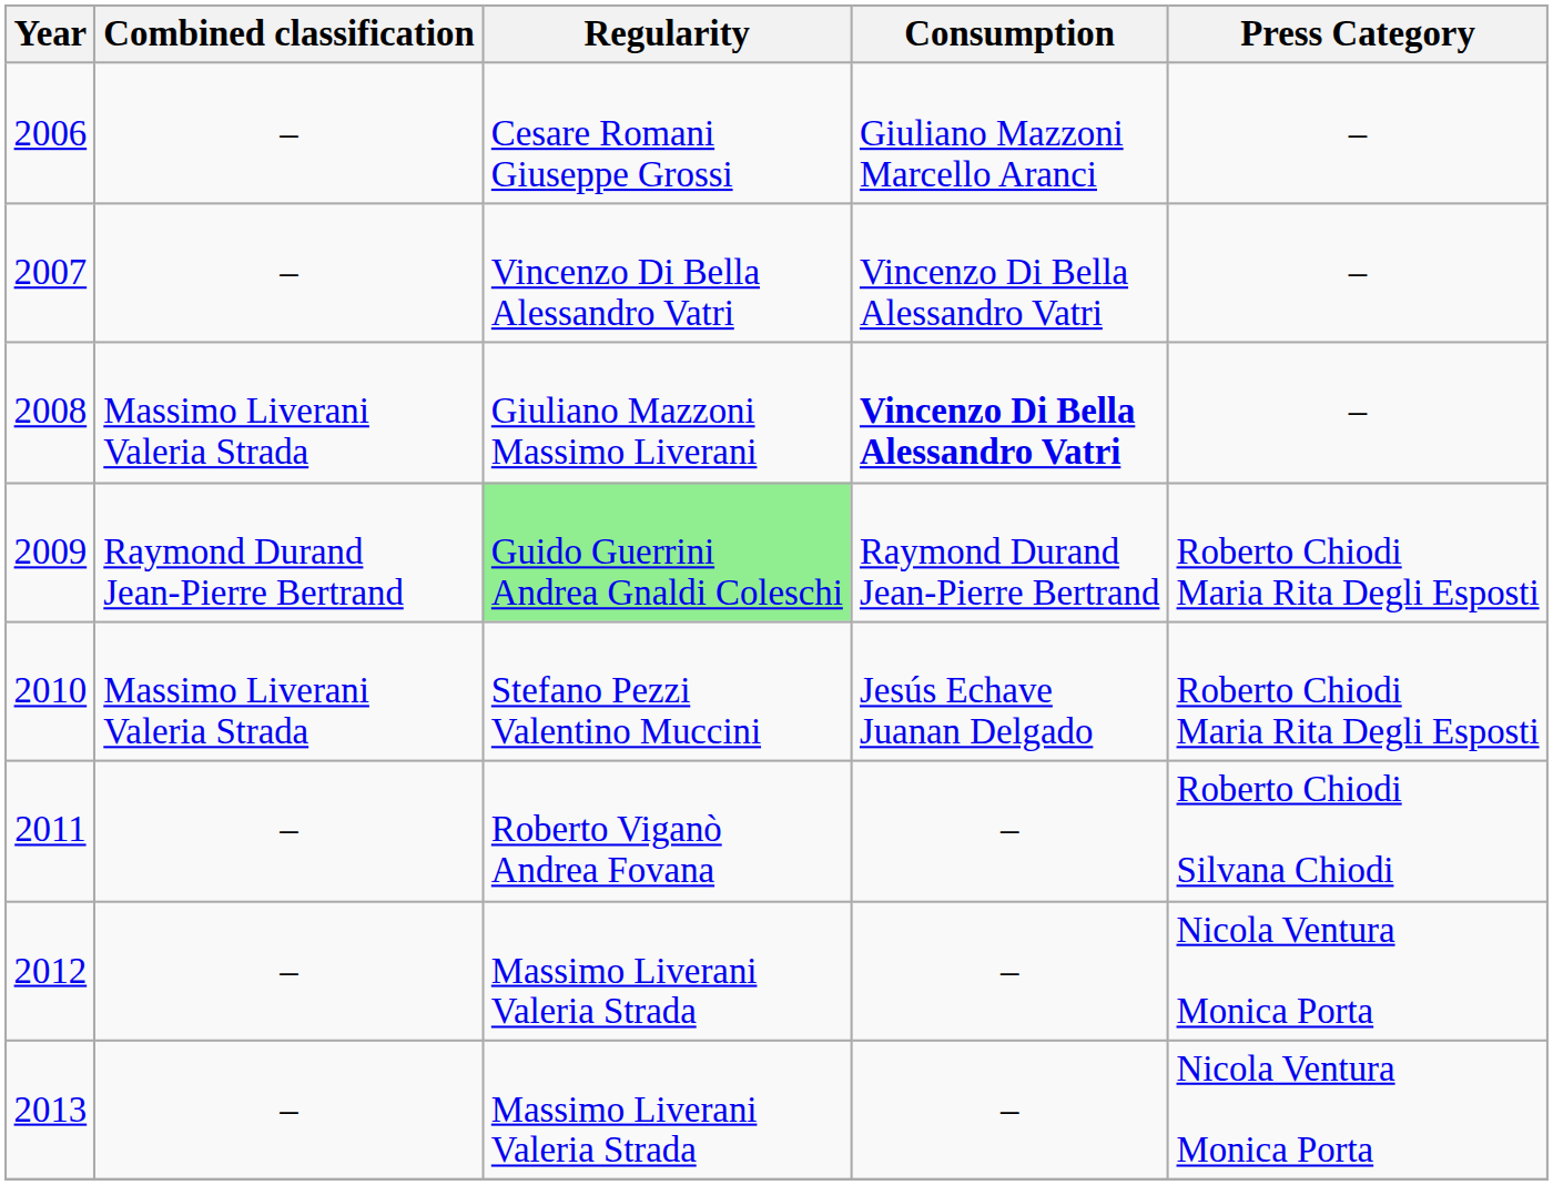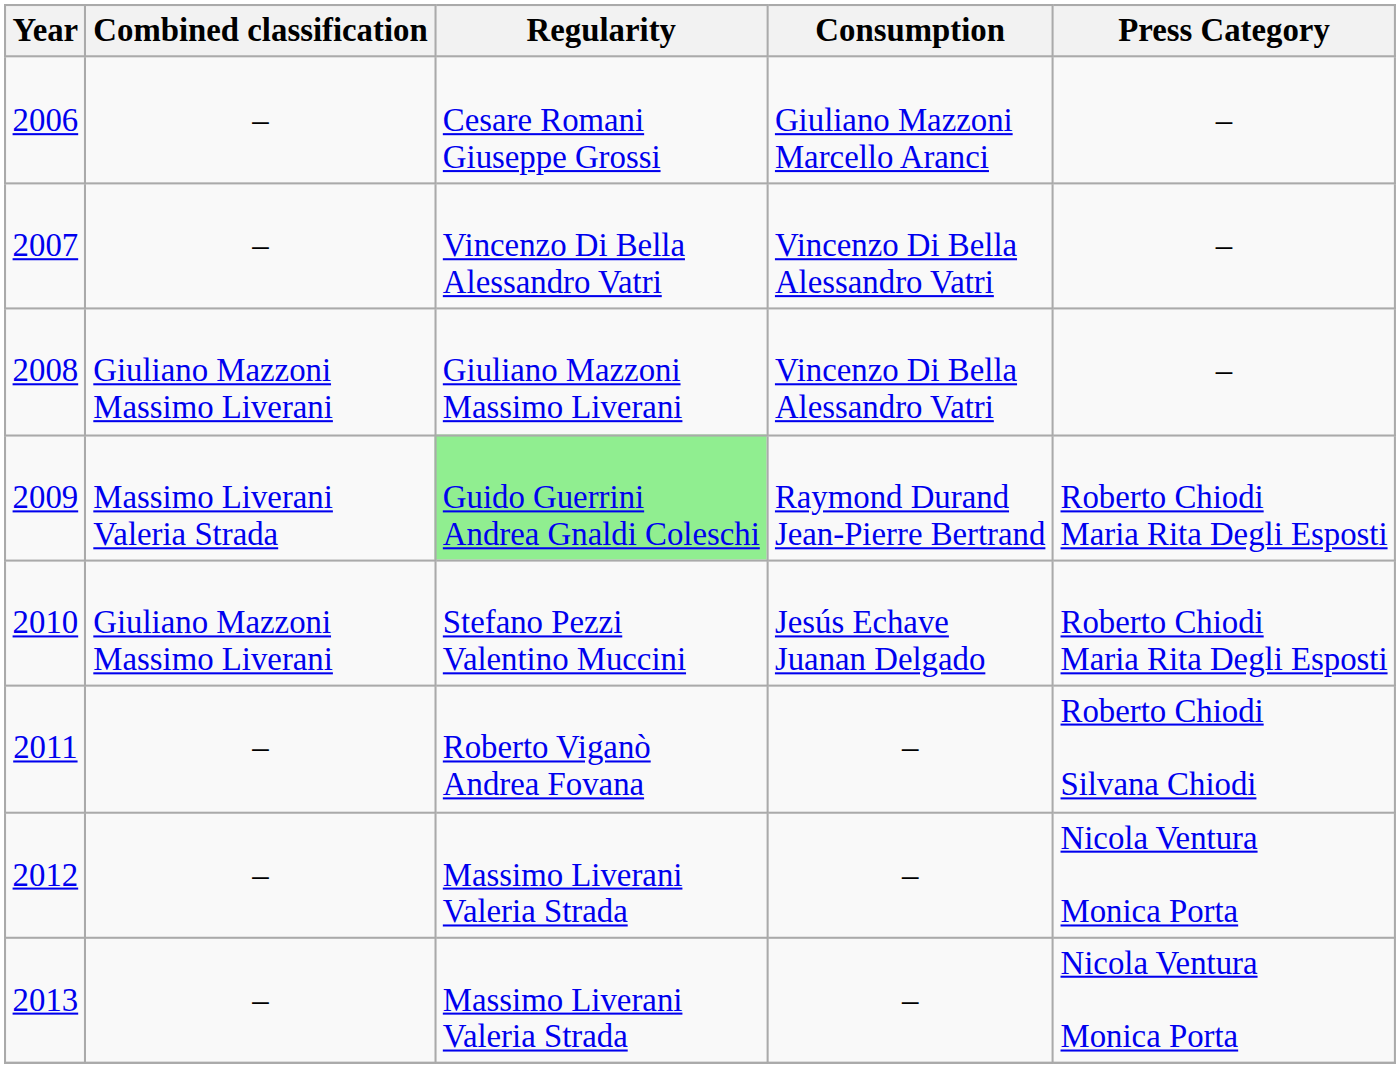 <table class="wikitable" border="1">
 <tr>
 <th>Year</th>
 <th>Combined classification</th>
 <th>Regularity</th>
 <th>Consumption</th>
 <th>Press Category</th>
 </tr>
 <tr>
 <td align="center"><a href='#'>2006</a></td>
 <td align="center">–</td>
 <td><br> <a href='#'>Cesare Romani</a><br>  <a href='#'>Giuseppe Grossi</a></td>
 <td><br> <a href='#'>Giuliano Mazzoni</a><br>  <a href='#'>Marcello Aranci</a></td>
 <td align="center">–</td>
 </tr>
 <tr>
 <td align="center"><a href='#'>2007</a></td>
 <td align="center">–</td>
 <td><br> <a href='#'>Vincenzo Di Bella</a><br>  <a href='#'>Alessandro Vatri</a></td>
 <td><br> <a href='#'>Vincenzo Di Bella</a><br>  <a href='#'>Alessandro Vatri</a></td>
 <td align="center">–</td>
 </tr>
 <tr>
 <td align="center"><a href='#'>2008</a></td>
-<td><br> <a href='#'>Massimo Liverani</a><br>  <a href='#'>Valeria Strada</a></td>
 <td><br> <a href='#'>Giuliano Mazzoni</a><br>  <a href='#'>Massimo Liverani</a></td>
-<td><strong><br> <a href='#'>Vincenzo Di Bella</a><br>  <a href='#'>Alessandro Vatri</a></strong></td>
+<td><br> <a href='#'>Giuliano Mazzoni</a><br>  <a href='#'>Massimo Liverani</a></td>
+<td><br> <a href='#'>Vincenzo Di Bella</a><br>  <a href='#'>Alessandro Vatri</a></td>
 <td align="center">–</td>
 </tr>
 <tr>
 <td align="center"><a href='#'>2009</a></td>
-<td><br> <a href='#'>Raymond Durand</a><br>  <a href='#'>Jean-Pierre Bertrand</a></td>
+<td><br> <a href='#'>Massimo Liverani</a><br>  <a href='#'>Valeria Strada</a></td>
 <td style="background: lightgreen;"><br> <a href='#'>Guido Guerrini</a><br>  <a href='#'>Andrea Gnaldi Coleschi</a></td>
 <td><br> <a href='#'>Raymond Durand</a><br>  <a href='#'>Jean-Pierre Bertrand</a></td>
 <td><br> <a href='#'>Roberto Chiodi</a><br>  <a href='#'>Maria Rita Degli Esposti</a></td>
 </tr>
 <tr>
 <td align="center"><a href='#'>2010</a></td>
-<td><br> <a href='#'>Massimo Liverani</a><br>  <a href='#'>Valeria Strada</a></td>
+<td><br> <a href='#'>Giuliano Mazzoni</a><br>  <a href='#'>Massimo Liverani</a></td>
 <td><br> <a href='#'>Stefano Pezzi</a><br>  <a href='#'>Valentino Muccini</a></td>
 <td><br> <a href='#'>Jesús Echave</a><br>  <a href='#'>Juanan Delgado</a></td>
 <td><br> <a href='#'>Roberto Chiodi</a><br>  <a href='#'>Maria Rita Degli Esposti</a></td>
 </tr>
 <tr>
 <td align="center"><a href='#'>2011</a></td>
 <td align="center">–</td>
 <td><br> <a href='#'>Roberto Viganò</a><br>  <a href='#'>Andrea Fovana</a></td>
 <td align="center">–</td>
 <td> <a href='#'>Roberto Chiodi</a><br><br> <a href='#'>Silvana Chiodi</a></td>
 </tr>
 <tr>
 <td align="center"><a href='#'>2012</a></td>
 <td align="center">–</td>
 <td><br> <a href='#'>Massimo Liverani</a><br>  <a href='#'>Valeria Strada</a></td>
 <td align="center">–</td>
 <td> <a href='#'>Nicola Ventura</a><br><br> <a href='#'>Monica Porta</a></td>
 </tr>
 <tr>
 <td align="center"><a href='#'>2013</a></td>
 <td align="center">–</td>
 <td><br> <a href='#'>Massimo Liverani</a><br> <a href='#'>Valeria Strada</a></td>
 <td align="center">–</td>
 <td> <a href='#'>Nicola Ventura</a><br><br> <a href='#'>Monica Porta</a></td>
 </tr>
 <tr>
 </tr>
 </table>
